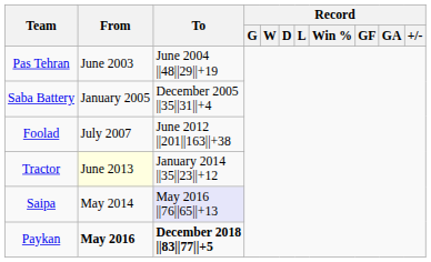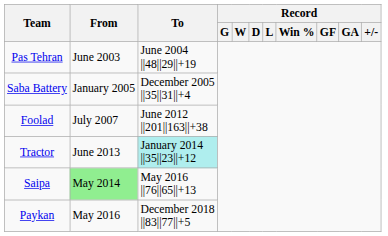 <table class="wikitable" style="text-align: center">
 <tr>
 <th rowspan=2>Team</th>
 <th rowspan=2>From</th>
 <th rowspan=2>To</th>
 <th colspan=8>Record</th>
 </tr>
 <tr>
 <th>G</th>
 <th>W</th>
 <th>D</th>
 <th>L</th>
 <th>Win %</th>
 <th>GF</th>
 <th>GA</th>
 <th>+/-</th>
 </tr>
 <tr>
 <td><a href='#'>Pas Tehran</a></td>
 <td align="left">June 2003</td>
 <td align="left">June 2004<br>||48||29||+19</td>
 </tr>
 <tr>
 <td><a href='#'>Saba Battery</a></td>
 <td align="left">January 2005</td>
 <td align="left">December 2005<br>||35||31||+4</td>
 </tr>
 <tr>
 <td><a href='#'>Foolad</a></td>
 <td align="left">July 2007</td>
 <td align="left">June 2012<br>||201||163||+38</td>
 </tr>
 <tr>
 <td><a href='#'>Tractor</a></td>
-<td align="left" style="background: lightyellow;">June 2013</td>
-<td align="left">January 2014<br>||35||23||+12</td>
+<td align="left">June 2013</td>
+<td align="left" style="background: paleturquoise;">January 2014<br>||35||23||+12</td>
 </tr>
 <tr>
 <td><a href='#'>Saipa</a></td>
-<td align="left">May 2014</td>
-<td align="left" style="background: lavender;">May 2016<br>||76||65||+13</td>
+<td align="left" style="background: lightgreen;">May 2014</td>
+<td align="left">May 2016<br>||76||65||+13</td>
 </tr>
 <tr>
 <td><a href='#'>Paykan</a></td>
-<td align="left"><strong>May 2016</strong></td>
-<td align="left"><strong>December 2018<br>||83||77||+5</strong></td>
+<td align="left">May 2016</td>
+<td align="left">December 2018<br>||83||77||+5</td>
 </tr>
 </table>
